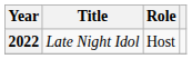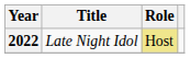 <table class="wikitable sortable plainrowheaders">
 <tr>
 <th scope="col">Year</th>
 <th scope="col">Title</th>
 <th scope="col">Role</th>
 <th scope="col" class="unsortable"></th>
 </tr>
 <tr>
 <th scope="row">2022</th>
 <td><em>Late Night Idol</em></td>
-<td>Host</td>
+<td style="background: khaki;">Host</td>
 <td></td>
 </tr>
 <tr>
 </tr>
 </table>
